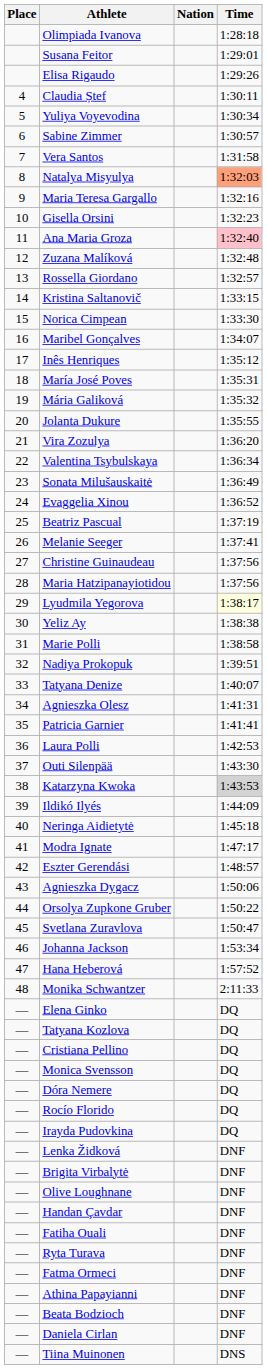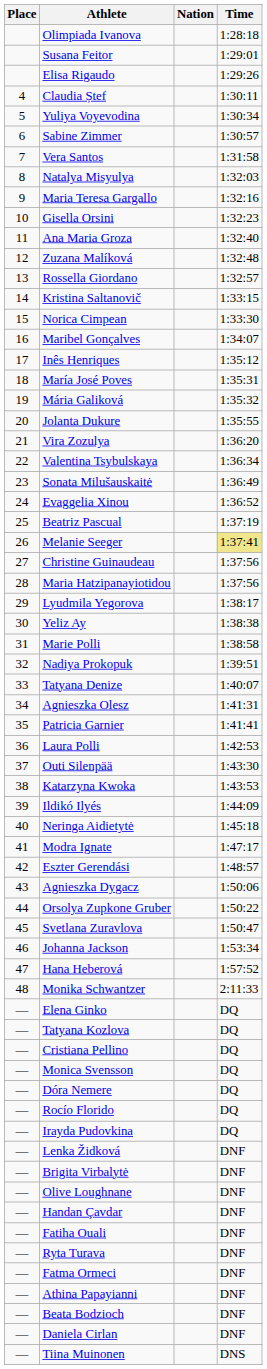 <table class="wikitable sortable">
 <tr>
 <th>Place</th>
 <th>Athlete</th>
 <th>Nation</th>
 <th>Time</th>
 </tr>
 <tr>
 <td align=center></td>
 <td><a href='#'>Olimpiada Ivanova</a></td>
 <td></td>
 <td>1:28:18</td>
 </tr>
 <tr>
 <td align=center></td>
 <td><a href='#'>Susana Feitor</a></td>
 <td></td>
 <td>1:29:01</td>
 </tr>
 <tr>
 <td align=center></td>
 <td><a href='#'>Elisa Rigaudo</a></td>
 <td></td>
 <td>1:29:26</td>
 </tr>
 <tr>
 <td align=center>4</td>
 <td><a href='#'>Claudia Ștef</a></td>
 <td></td>
 <td>1:30:11</td>
 </tr>
 <tr>
 <td align=center>5</td>
 <td><a href='#'>Yuliya Voyevodina</a></td>
 <td></td>
 <td>1:30:34</td>
 </tr>
 <tr>
 <td align=center>6</td>
 <td><a href='#'>Sabine Zimmer</a></td>
 <td></td>
 <td>1:30:57</td>
 </tr>
 <tr>
 <td align=center>7</td>
 <td><a href='#'>Vera Santos</a></td>
 <td></td>
 <td>1:31:58</td>
 </tr>
 <tr>
 <td align=center>8</td>
 <td><a href='#'>Natalya Misyulya</a></td>
 <td></td>
-<td style="background: lightsalmon;">1:32:03</td>
+<td>1:32:03</td>
 </tr>
 <tr>
 <td align=center>9</td>
 <td><a href='#'>Maria Teresa Gargallo</a></td>
 <td></td>
 <td>1:32:16</td>
 </tr>
 <tr>
 <td align=center>10</td>
 <td><a href='#'>Gisella Orsini</a></td>
 <td></td>
 <td>1:32:23</td>
 </tr>
 <tr>
 <td align=center>11</td>
 <td><a href='#'>Ana Maria Groza</a></td>
 <td></td>
-<td style="background: pink;">1:32:40</td>
+<td>1:32:40</td>
 </tr>
 <tr>
 <td align=center>12</td>
 <td><a href='#'>Zuzana Malíková</a></td>
 <td></td>
 <td>1:32:48</td>
 </tr>
 <tr>
 <td align=center>13</td>
 <td><a href='#'>Rossella Giordano</a></td>
 <td></td>
 <td>1:32:57</td>
 </tr>
 <tr>
 <td align=center>14</td>
 <td><a href='#'>Kristina Saltanovič</a></td>
 <td></td>
 <td>1:33:15</td>
 </tr>
 <tr>
 <td align=center>15</td>
 <td><a href='#'>Norica Cimpean</a></td>
 <td></td>
 <td>1:33:30</td>
 </tr>
 <tr>
 <td align=center>16</td>
 <td><a href='#'>Maribel Gonçalves</a></td>
 <td></td>
 <td>1:34:07</td>
 </tr>
 <tr>
 <td align=center>17</td>
 <td><a href='#'>Inês Henriques</a></td>
 <td></td>
 <td>1:35:12</td>
 </tr>
 <tr>
 <td align=center>18</td>
 <td><a href='#'>María José Poves</a></td>
 <td></td>
 <td>1:35:31</td>
 </tr>
 <tr>
 <td align=center>19</td>
 <td><a href='#'>Mária Galiková</a></td>
 <td></td>
 <td>1:35:32</td>
 </tr>
 <tr>
 <td align=center>20</td>
 <td><a href='#'>Jolanta Dukure</a></td>
 <td></td>
 <td>1:35:55</td>
 </tr>
 <tr>
 <td align=center>21</td>
 <td><a href='#'>Vira Zozulya</a></td>
 <td></td>
 <td>1:36:20</td>
 </tr>
 <tr>
 <td align=center>22</td>
 <td><a href='#'>Valentina Tsybulskaya</a></td>
 <td></td>
 <td>1:36:34</td>
 </tr>
 <tr>
 <td align=center>23</td>
 <td><a href='#'>Sonata Milušauskaitė</a></td>
 <td></td>
 <td>1:36:49</td>
 </tr>
 <tr>
 <td align=center>24</td>
 <td><a href='#'>Evaggelia Xinou</a></td>
 <td></td>
 <td>1:36:52</td>
 </tr>
 <tr>
 <td align=center>25</td>
 <td><a href='#'>Beatriz Pascual</a></td>
 <td></td>
 <td>1:37:19</td>
 </tr>
 <tr>
 <td align=center>26</td>
 <td><a href='#'>Melanie Seeger</a></td>
 <td></td>
-<td>1:37:41</td>
+<td style="background: khaki;">1:37:41</td>
 </tr>
 <tr>
 <td align=center>27</td>
 <td><a href='#'>Christine Guinaudeau</a></td>
 <td></td>
 <td>1:37:56</td>
 </tr>
 <tr>
 <td align=center>28</td>
 <td><a href='#'>Maria Hatzipanayiotidou</a></td>
 <td></td>
 <td>1:37:56</td>
 </tr>
 <tr>
 <td align=center>29</td>
 <td><a href='#'>Lyudmila Yegorova</a></td>
 <td></td>
-<td style="background: lightyellow;">1:38:17</td>
+<td>1:38:17</td>
 </tr>
 <tr>
 <td align=center>30</td>
 <td><a href='#'>Yeliz Ay</a></td>
 <td></td>
 <td>1:38:38</td>
 </tr>
 <tr>
 <td align=center>31</td>
 <td><a href='#'>Marie Polli</a></td>
 <td></td>
 <td>1:38:58</td>
 </tr>
 <tr>
 <td align=center>32</td>
 <td><a href='#'>Nadiya Prokopuk</a></td>
 <td></td>
 <td>1:39:51</td>
 </tr>
 <tr>
 <td align=center>33</td>
 <td><a href='#'>Tatyana Denize</a></td>
 <td></td>
 <td>1:40:07</td>
 </tr>
 <tr>
 <td align=center>34</td>
 <td><a href='#'>Agnieszka Olesz</a></td>
 <td></td>
 <td>1:41:31</td>
 </tr>
 <tr>
 <td align=center>35</td>
 <td><a href='#'>Patricia Garnier</a></td>
 <td></td>
 <td>1:41:41</td>
 </tr>
 <tr>
 <td align=center>36</td>
 <td><a href='#'>Laura Polli</a></td>
 <td></td>
 <td>1:42:53</td>
 </tr>
 <tr>
 <td align=center>37</td>
 <td><a href='#'>Outi Silenpää</a></td>
 <td></td>
 <td>1:43:30</td>
 </tr>
 <tr>
 <td align=center>38</td>
 <td><a href='#'>Katarzyna Kwoka</a></td>
 <td></td>
-<td style="background: lightgrey;">1:43:53</td>
+<td>1:43:53</td>
 </tr>
 <tr>
 <td align=center>39</td>
 <td><a href='#'>Ildikó Ilyés</a></td>
 <td></td>
 <td>1:44:09</td>
 </tr>
 <tr>
 <td align=center>40</td>
 <td><a href='#'>Neringa Aidietytė</a></td>
 <td></td>
 <td>1:45:18</td>
 </tr>
 <tr>
 <td align=center>41</td>
 <td><a href='#'>Modra Ignate</a></td>
 <td></td>
 <td>1:47:17</td>
 </tr>
 <tr>
 <td align=center>42</td>
 <td><a href='#'>Eszter Gerendási</a></td>
 <td></td>
 <td>1:48:57</td>
 </tr>
 <tr>
 <td align=center>43</td>
 <td><a href='#'>Agnieszka Dygacz</a></td>
 <td></td>
 <td>1:50:06</td>
 </tr>
 <tr>
 <td align=center>44</td>
 <td><a href='#'>Orsolya Zupkone Gruber</a></td>
 <td></td>
 <td>1:50:22</td>
 </tr>
 <tr>
 <td align=center>45</td>
 <td><a href='#'>Svetlana Zuravlova</a></td>
 <td></td>
 <td>1:50:47</td>
 </tr>
 <tr>
 <td align=center>46</td>
 <td><a href='#'>Johanna Jackson</a></td>
 <td></td>
 <td>1:53:34</td>
 </tr>
 <tr>
 <td align=center>47</td>
 <td><a href='#'>Hana Heberová</a></td>
 <td></td>
 <td>1:57:52</td>
 </tr>
 <tr>
 <td align=center>48</td>
 <td><a href='#'>Monika Schwantzer</a></td>
 <td></td>
 <td>2:11:33</td>
 </tr>
 <tr>
 <td align=center>—</td>
 <td><a href='#'>Elena Ginko</a></td>
 <td></td>
 <td>DQ</td>
 </tr>
 <tr>
 <td align=center>—</td>
 <td><a href='#'>Tatyana Kozlova</a></td>
 <td></td>
 <td>DQ</td>
 </tr>
 <tr>
 <td align=center>—</td>
 <td><a href='#'>Cristiana Pellino</a></td>
 <td></td>
 <td>DQ</td>
 </tr>
 <tr>
 <td align=center>—</td>
 <td><a href='#'>Monica Svensson</a></td>
 <td></td>
 <td>DQ</td>
 </tr>
 <tr>
 <td align=center>—</td>
 <td><a href='#'>Dóra Nemere</a></td>
 <td></td>
 <td>DQ</td>
 </tr>
 <tr>
 <td align=center>—</td>
 <td><a href='#'>Rocío Florido</a></td>
 <td></td>
 <td>DQ</td>
 </tr>
 <tr>
 <td align=center>—</td>
 <td><a href='#'>Irayda Pudovkina</a></td>
 <td></td>
 <td>DQ</td>
 </tr>
 <tr>
 <td align=center>—</td>
 <td><a href='#'>Lenka Židková</a></td>
 <td></td>
 <td>DNF</td>
 </tr>
 <tr>
 <td align=center>—</td>
 <td><a href='#'>Brigita Virbalytė</a></td>
 <td></td>
 <td>DNF</td>
 </tr>
 <tr>
 <td align=center>—</td>
 <td><a href='#'>Olive Loughnane</a></td>
 <td></td>
 <td>DNF</td>
 </tr>
 <tr>
 <td align=center>—</td>
 <td><a href='#'>Handan Çavdar</a></td>
 <td></td>
 <td>DNF</td>
 </tr>
 <tr>
 <td align=center>—</td>
 <td><a href='#'>Fatiha Ouali</a></td>
 <td></td>
 <td>DNF</td>
 </tr>
 <tr>
 <td align=center>—</td>
 <td><a href='#'>Ryta Turava</a></td>
 <td></td>
 <td>DNF</td>
 </tr>
 <tr>
 <td align=center>—</td>
 <td><a href='#'>Fatma Ormeci</a></td>
 <td></td>
 <td>DNF</td>
 </tr>
 <tr>
 <td align=center>—</td>
 <td><a href='#'>Athina Papayianni</a></td>
 <td></td>
 <td>DNF</td>
 </tr>
 <tr>
 <td align=center>—</td>
 <td><a href='#'>Beata Bodzioch</a></td>
 <td></td>
 <td>DNF</td>
 </tr>
 <tr>
 <td align=center>—</td>
 <td><a href='#'>Daniela Cirlan</a></td>
 <td></td>
 <td>DNF</td>
 </tr>
 <tr>
 <td align=center>—</td>
 <td><a href='#'>Tiina Muinonen</a></td>
 <td></td>
 <td>DNS</td>
 </tr>
 </table>
